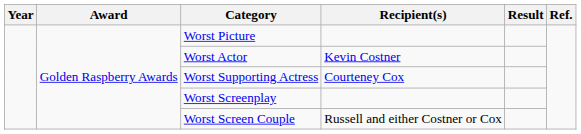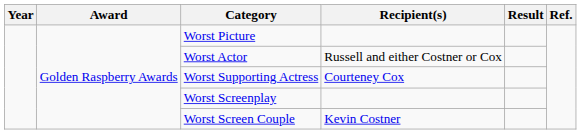 <table class="wikitable sortable">
 <tr>
 <th>Year</th>
 <th>Award</th>
 <th>Category</th>
 <th>Recipient(s)</th>
 <th>Result</th>
 <th>Ref.</th>
 </tr>
 <tr>
 <td rowspan="5"></td>
 <td rowspan="5"><a href='#'>Golden Raspberry Awards</a></td>
 <td><a href='#'>Worst Picture</a></td>
 <td></td>
 <td></td>
 <td rowspan="5" align="center"></td>
 </tr>
 <tr>
 <td><a href='#'>Worst Actor</a></td>
-<td><a href='#'>Kevin Costner</a></td>
+<td>Russell and either Costner or Cox</td>
 <td></td>
 </tr>
 <tr>
 <td><a href='#'>Worst Supporting Actress</a></td>
 <td><a href='#'>Courteney Cox</a></td>
 <td></td>
 </tr>
 <tr>
 <td><a href='#'>Worst Screenplay</a></td>
 <td></td>
 <td></td>
 </tr>
 <tr>
 <td><a href='#'>Worst Screen Couple</a></td>
-<td>Russell and either Costner or Cox</td>
+<td><a href='#'>Kevin Costner</a></td>
 <td></td>
 </tr>
 </table>
